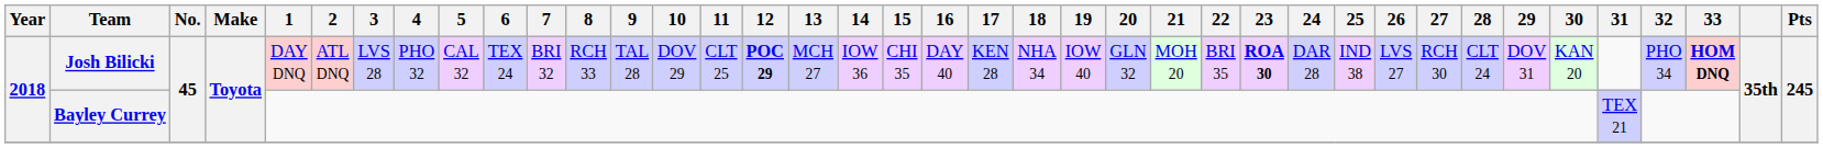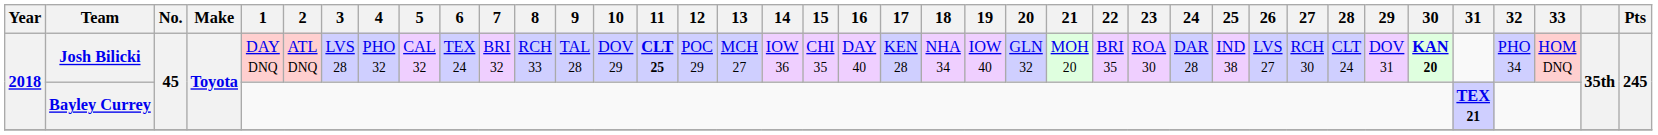 <table class="wikitable" style="text-align:center; font-size:75%">
 <tr>
 <th>Year</th>
 <th>Team</th>
 <th>No.</th>
 <th>Make</th>
 <th>1</th>
 <th>2</th>
 <th>3</th>
 <th>4</th>
 <th>5</th>
 <th>6</th>
 <th>7</th>
 <th>8</th>
 <th>9</th>
 <th>10</th>
 <th>11</th>
 <th>12</th>
 <th>13</th>
 <th>14</th>
 <th>15</th>
 <th>16</th>
 <th>17</th>
 <th>18</th>
 <th>19</th>
 <th>20</th>
 <th>21</th>
 <th>22</th>
 <th>23</th>
 <th>24</th>
 <th>25</th>
 <th>26</th>
 <th>27</th>
 <th>28</th>
 <th>29</th>
 <th>30</th>
 <th>31</th>
 <th>32</th>
 <th>33</th>
 <th></th>
 <th>Pts</th>
 </tr>
 <tr>
 <th Rowspan=2><a href='#'>2018</a></th>
 <th><a href='#'>Josh Bilicki</a></th>
 <th rowspan=2>45</th>
 <th Rowspan=2><a href='#'>Toyota</a></th>
 <td style="background:#FFCFCF;"><a href='#'>DAY</a><br><small>DNQ</small></td>
 <td style="background:#FFCFCF;"><a href='#'>ATL</a><br><small>DNQ</small></td>
 <td style="background:#CFCFFF;"><a href='#'>LVS</a><br><small>28</small></td>
 <td style="background:#CFCFFF;"><a href='#'>PHO</a><br><small>32</small></td>
 <td style="background:#EFCFFF;"><a href='#'>CAL</a><br><small>32</small></td>
 <td style="background:#CFCFFF;"><a href='#'>TEX</a><br><small>24</small></td>
 <td style="background:#EFCFFF;"><a href='#'>BRI</a><br><small>32</small></td>
 <td style="background:#CFCFFF;"><a href='#'>RCH</a><br><small>33</small></td>
 <td style="background:#CFCFFF;"><a href='#'>TAL</a><br><small>28</small></td>
 <td style="background:#CFCFFF;"><a href='#'>DOV</a><br><small>29</small></td>
-<td style="background:#CFCFFF;"><a href='#'>CLT</a><br><small>25</small></td>
-<td style="background:#CFCFFF;"><strong><a href='#'>POC</a><br><small>29</small></strong></td>
+<td style="background:#CFCFFF;"><strong><a href='#'>CLT</a><br><small>25</small></strong></td>
+<td style="background:#CFCFFF;"><a href='#'>POC</a><br><small>29</small></td>
 <td style="background:#CFCFFF;"><a href='#'>MCH</a><br><small>27</small></td>
 <td style="background:#EFCFFF;"><a href='#'>IOW</a><br><small>36</small></td>
 <td style="background:#EFCFFF;"><a href='#'>CHI</a><br><small>35</small></td>
 <td style="background:#EFCFFF;"><a href='#'>DAY</a><br><small>40</small></td>
 <td style="background:#CFCFFF;"><a href='#'>KEN</a><br><small>28</small></td>
 <td style="background:#EFCFFF;"><a href='#'>NHA</a><br><small>34</small></td>
 <td style="background:#EFCFFF;"><a href='#'>IOW</a><br><small>40</small></td>
 <td style="background:#CFCFFF;"><a href='#'>GLN</a><br><small>32</small></td>
 <td style="background:#DFFFDF;"><a href='#'>MOH</a><br><small>20</small></td>
 <td style="background:#EFCFFF;"><a href='#'>BRI</a><br><small>35</small></td>
-<td style="background:#EFCFFF;"><strong><a href='#'>ROA</a><br><small>30</small></strong></td>
+<td style="background:#EFCFFF;"><a href='#'>ROA</a><br><small>30</small></td>
 <td style="background:#CFCFFF;"><a href='#'>DAR</a><br><small>28</small></td>
 <td style="background:#EFCFFF;"><a href='#'>IND</a><br><small>38</small></td>
 <td style="background:#CFCFFF;"><a href='#'>LVS</a><br><small>27</small></td>
 <td style="background:#CFCFFF;"><a href='#'>RCH</a><br><small>30</small></td>
 <td style="background:#CFCFFF;"><a href='#'>CLT</a><br><small>24</small></td>
 <td style="background:#EFCFFF;"><a href='#'>DOV</a><br><small>31</small></td>
-<td style="background:#DFFFDF;"><a href='#'>KAN</a><br><small>20</small></td>
+<td style="background:#DFFFDF;"><strong><a href='#'>KAN</a><br><small>20</small></strong></td>
 <td></td>
 <td style="background:#CFCFFF;"><a href='#'>PHO</a><br><small>34</small></td>
-<td style="background:#FFCFCF;"><strong><a href='#'>HOM</a><br><small>DNQ</small></strong></td>
+<td style="background:#FFCFCF;"><a href='#'>HOM</a><br><small>DNQ</small></td>
 <th Rowspan=2>35th</th>
 <th Rowspan=2>245</th>
 </tr>
 <tr>
 <th><a href='#'>Bayley Currey</a></th>
 <td colspan=30></td>
-<td style="background:#CFCFFF;"><a href='#'>TEX</a><br><small>21</small></td>
+<td style="background:#CFCFFF;"><strong><a href='#'>TEX</a><br><small>21</small></strong></td>
 <td colspan=2></td>
 </tr>
 <tr>
 </tr>
 </table>
